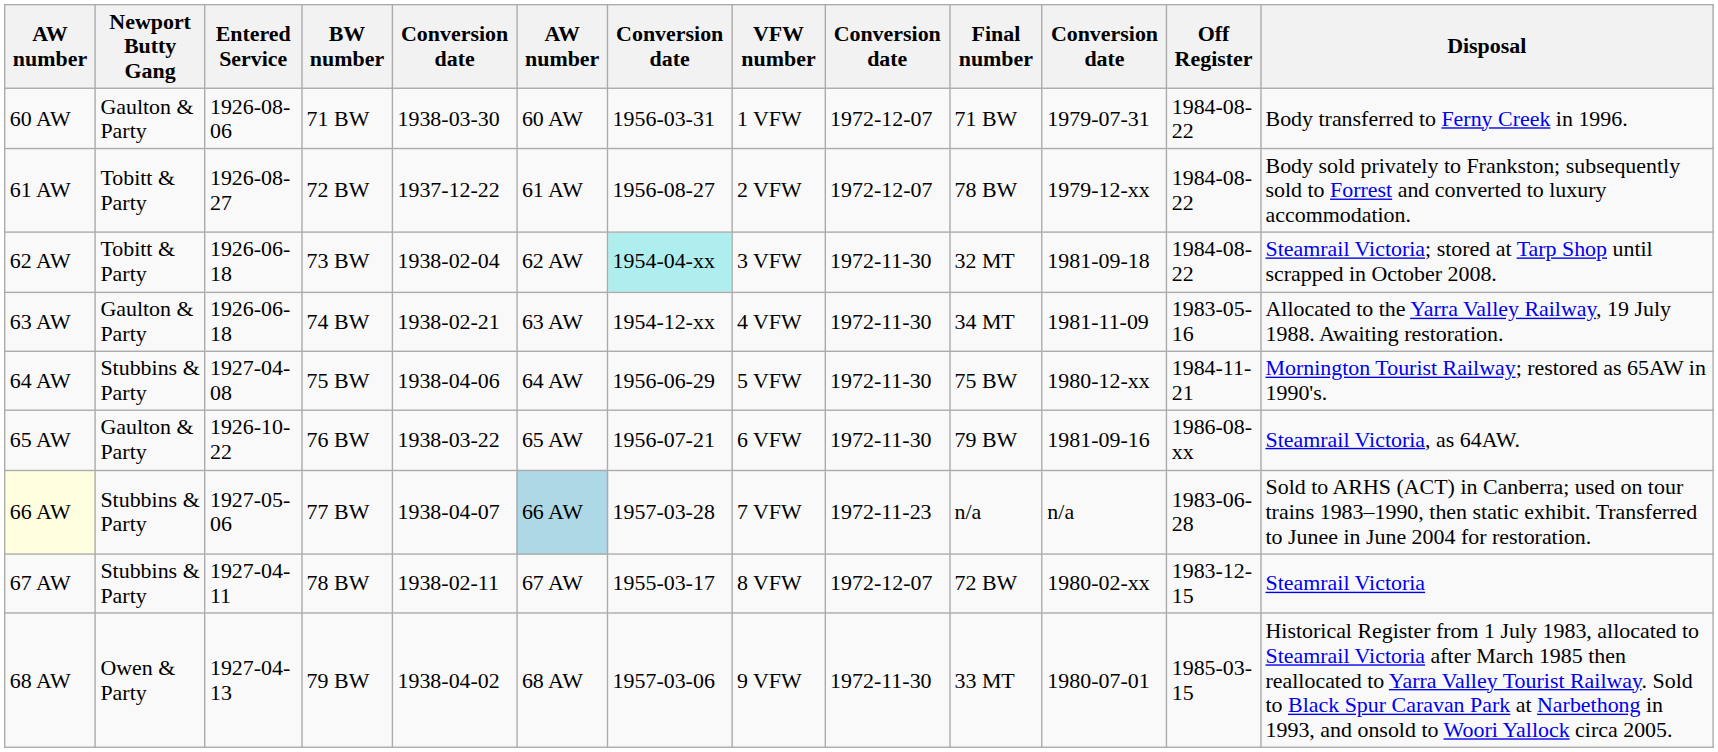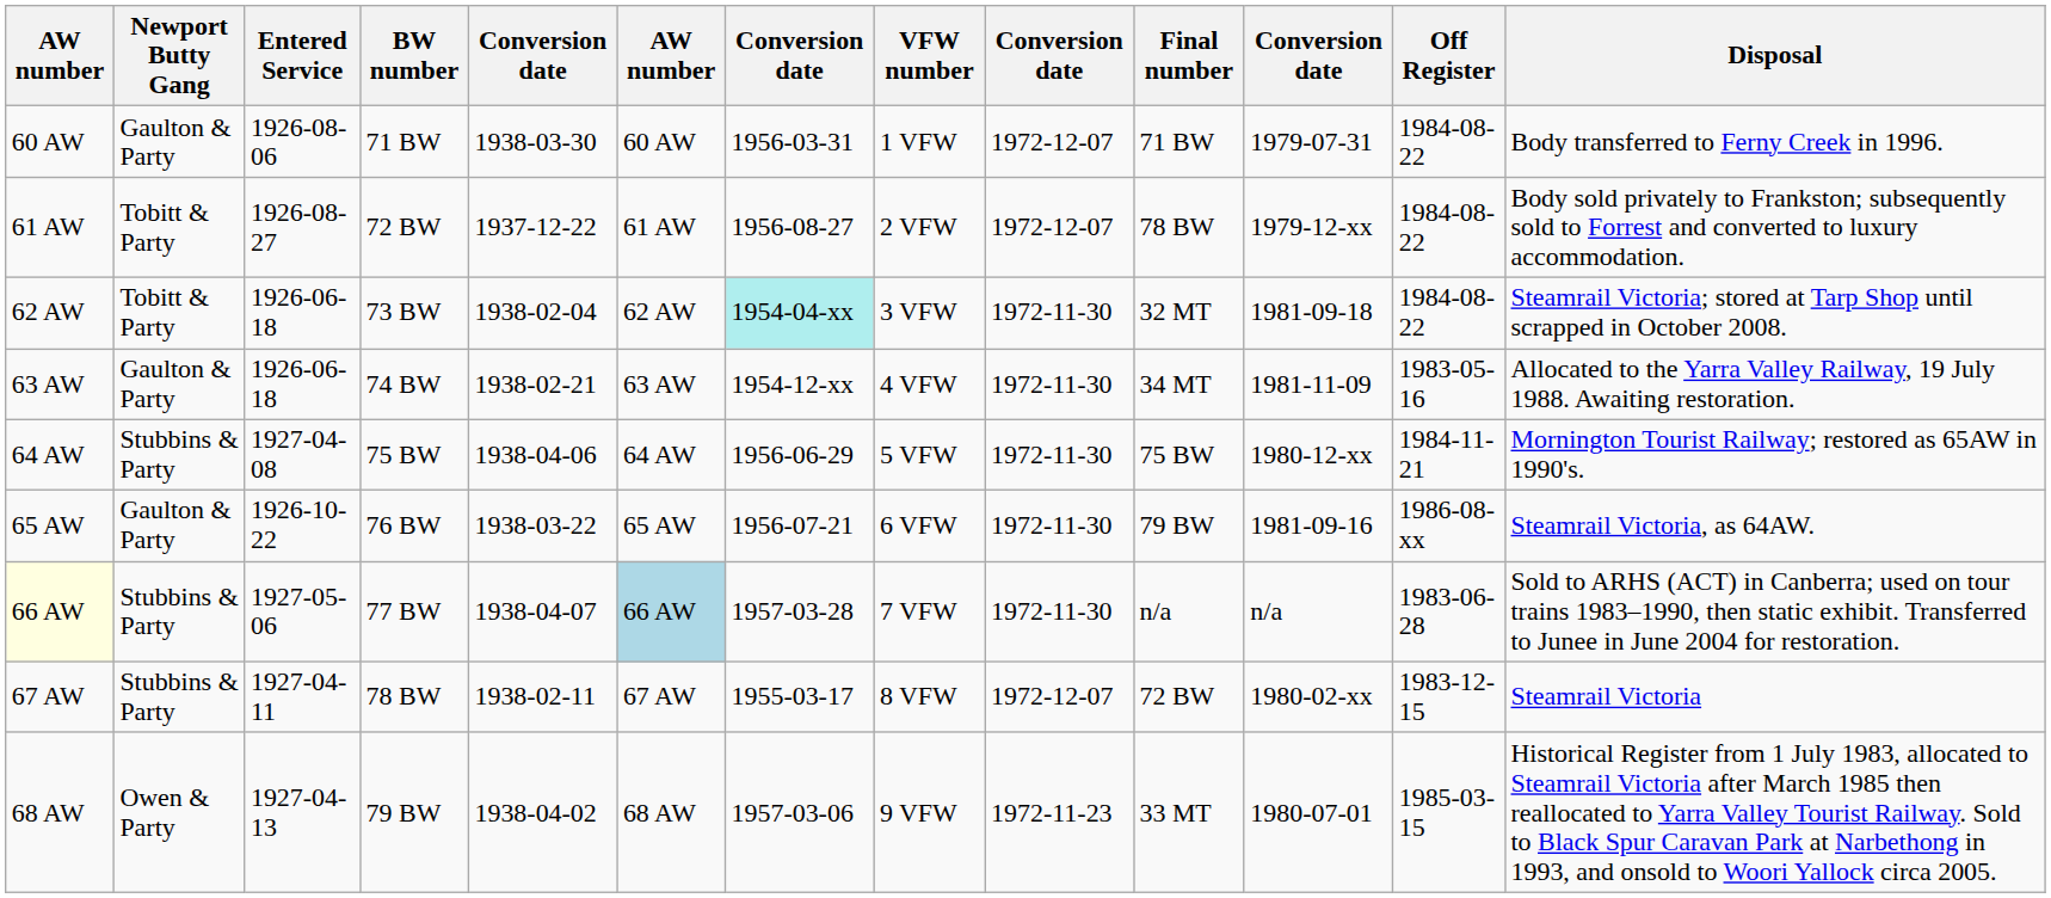 <table class="wikitable sortable">
 <tr>
 <th>AW number</th>
 <th>Newport Butty Gang</th>
 <th>Entered Service</th>
 <th>BW number</th>
 <th>Conversion date</th>
 <th>AW number</th>
 <th>Conversion date</th>
 <th>VFW number</th>
 <th>Conversion date</th>
 <th>Final number</th>
 <th>Conversion date</th>
 <th>Off Register</th>
 <th>Disposal</th>
 </tr>
 <tr>
 <td>60 AW</td>
 <td>Gaulton & Party</td>
 <td>1926-08-06</td>
 <td>71 BW</td>
 <td>1938-03-30</td>
 <td>60 AW</td>
 <td>1956-03-31</td>
 <td>1 VFW</td>
 <td>1972-12-07</td>
 <td>71 BW</td>
 <td>1979-07-31</td>
 <td>1984-08-22</td>
 <td>Body transferred to <a href='#'>Ferny Creek</a> in 1996.</td>
 </tr>
 <tr>
 <td>61 AW</td>
 <td>Tobitt & Party</td>
 <td>1926-08-27</td>
 <td>72 BW</td>
 <td>1937-12-22</td>
 <td>61 AW</td>
 <td>1956-08-27</td>
 <td>2 VFW</td>
 <td>1972-12-07</td>
 <td>78 BW</td>
 <td>1979-12-xx</td>
 <td>1984-08-22</td>
 <td>Body sold privately to Frankston; subsequently sold to <a href='#'>Forrest</a> and converted to luxury accommodation.</td>
 </tr>
 <tr>
 <td>62 AW</td>
 <td>Tobitt & Party</td>
 <td>1926-06-18</td>
 <td>73 BW</td>
 <td>1938-02-04</td>
 <td>62 AW</td>
 <td style="background: paleturquoise;">1954-04-xx</td>
 <td>3 VFW</td>
 <td>1972-11-30</td>
 <td>32 MT</td>
 <td>1981-09-18</td>
 <td>1984-08-22</td>
 <td><a href='#'>Steamrail Victoria</a>; stored at <a href='#'>Tarp Shop</a> until scrapped in October 2008.</td>
 </tr>
 <tr>
 <td>63 AW</td>
 <td>Gaulton & Party</td>
 <td>1926-06-18</td>
 <td>74 BW</td>
 <td>1938-02-21</td>
 <td>63 AW</td>
 <td>1954-12-xx</td>
 <td>4 VFW</td>
 <td>1972-11-30</td>
 <td>34 MT</td>
 <td>1981-11-09</td>
 <td>1983-05-16</td>
 <td>Allocated to the <a href='#'>Yarra Valley Railway</a>, 19 July 1988. Awaiting restoration.</td>
 </tr>
 <tr>
 <td>64 AW</td>
 <td>Stubbins & Party</td>
 <td>1927-04-08</td>
 <td>75 BW</td>
 <td>1938-04-06</td>
 <td>64 AW</td>
 <td>1956-06-29</td>
 <td>5 VFW</td>
 <td>1972-11-30</td>
 <td>75 BW</td>
 <td>1980-12-xx</td>
 <td>1984-11-21</td>
 <td><a href='#'>Mornington Tourist Railway</a>; restored as 65AW in 1990's.</td>
 </tr>
 <tr>
 <td>65 AW</td>
 <td>Gaulton & Party</td>
 <td>1926-10-22</td>
 <td>76 BW</td>
 <td>1938-03-22</td>
 <td>65 AW</td>
 <td>1956-07-21</td>
 <td>6 VFW</td>
 <td>1972-11-30</td>
 <td>79 BW</td>
 <td>1981-09-16</td>
 <td>1986-08-xx</td>
 <td><a href='#'>Steamrail Victoria</a>, as 64AW.</td>
 </tr>
 <tr>
 <td style="background: lightyellow;">66 AW</td>
 <td>Stubbins & Party</td>
 <td>1927-05-06</td>
 <td>77 BW</td>
 <td>1938-04-07</td>
 <td style="background: lightblue;">66 AW</td>
 <td>1957-03-28</td>
 <td>7 VFW</td>
-<td>1972-11-23</td>
+<td>1972-11-30</td>
 <td>n/a</td>
 <td>n/a</td>
 <td>1983-06-28</td>
 <td>Sold to ARHS (ACT) in Canberra; used on tour trains 1983–1990, then static exhibit. Transferred to Junee in June 2004 for restoration.</td>
 </tr>
 <tr>
 <td>67 AW</td>
 <td>Stubbins & Party</td>
 <td>1927-04-11</td>
 <td>78 BW</td>
 <td>1938-02-11</td>
 <td>67 AW</td>
 <td>1955-03-17</td>
 <td>8 VFW</td>
 <td>1972-12-07</td>
 <td>72 BW</td>
 <td>1980-02-xx</td>
 <td>1983-12-15</td>
 <td><a href='#'>Steamrail Victoria</a></td>
 </tr>
 <tr>
 <td>68 AW</td>
 <td>Owen & Party</td>
 <td>1927-04-13</td>
 <td>79 BW</td>
 <td>1938-04-02</td>
 <td>68 AW</td>
 <td>1957-03-06</td>
 <td>9 VFW</td>
-<td>1972-11-30</td>
+<td>1972-11-23</td>
 <td>33 MT</td>
 <td>1980-07-01</td>
 <td>1985-03-15</td>
 <td>Historical Register from 1 July 1983, allocated to <a href='#'>Steamrail Victoria</a> after March 1985 then reallocated to <a href='#'>Yarra Valley Tourist Railway</a>. Sold to <a href='#'>Black Spur Caravan Park</a> at <a href='#'>Narbethong</a> in 1993, and onsold to <a href='#'>Woori Yallock</a> circa 2005.</td>
 </tr>
 </table>
